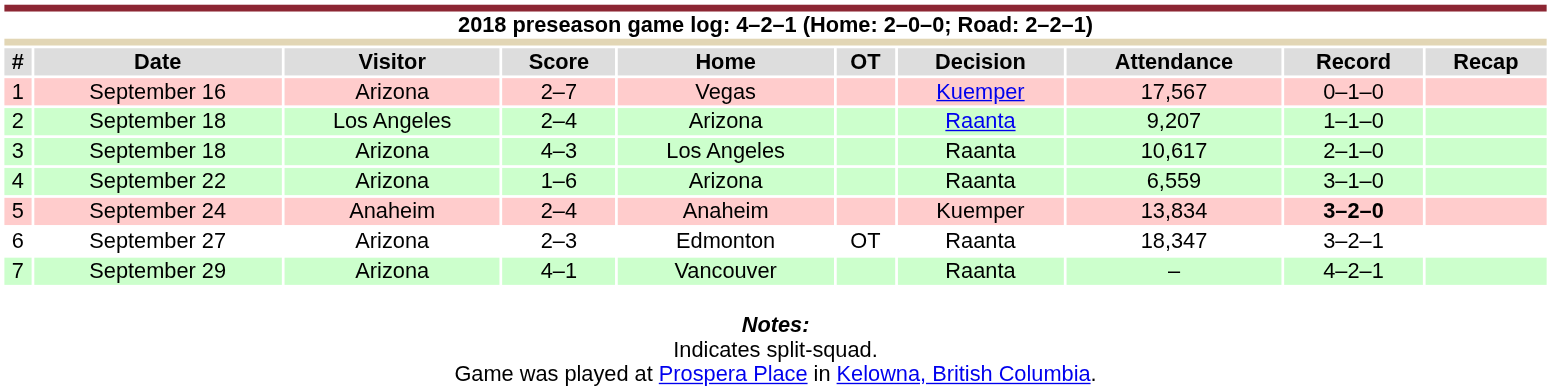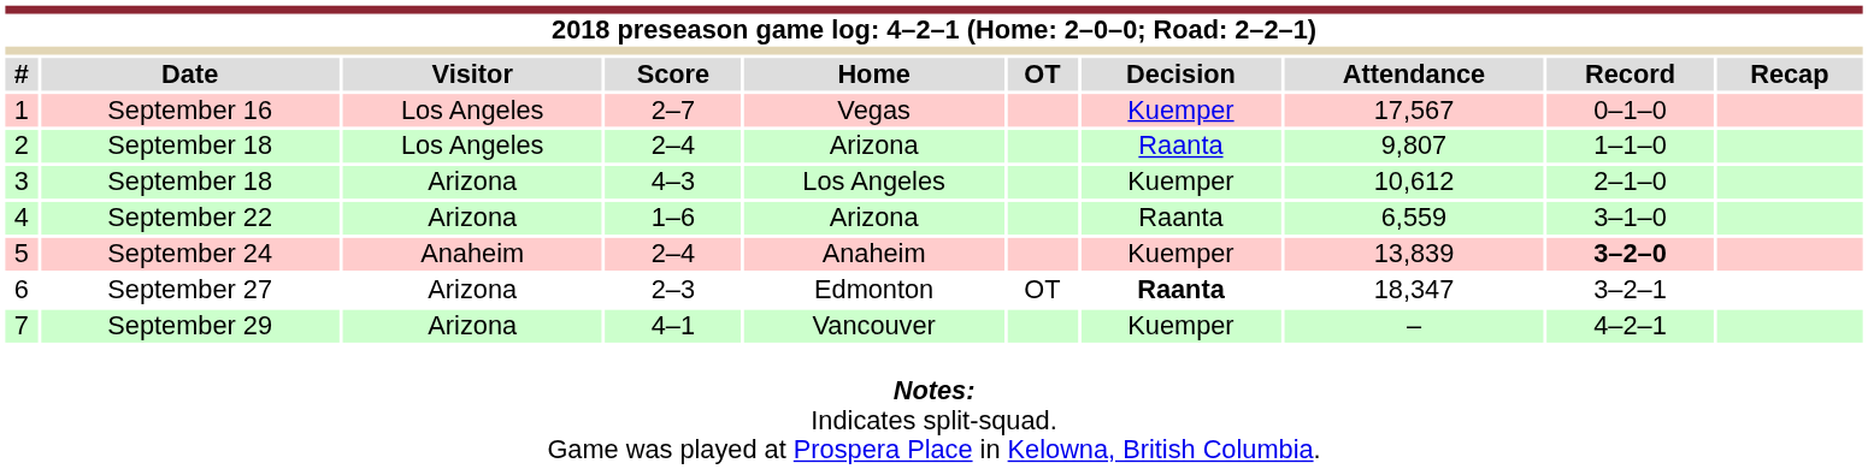 <table class="toccolours collapsible collapsed" style="width:90%; clear:both; margin:1.5em auto; text-align:center;">
 <tr>
 <th colspan="10" style="background:#FFFFFF; border-top:#8C2633 5px solid; border-bottom:#E2D6B5 5px solid;">2018 preseason game log: 4–2–1 (Home: 2–0–0; Road: 2–2–1)</th>
 </tr>
 <tr style="background:#ddd;">
 <th>#</th>
 <th>Date</th>
 <th>Visitor</th>
 <th>Score</th>
 <th>Home</th>
 <th>OT</th>
 <th>Decision</th>
 <th>Attendance</th>
 <th>Record</th>
 <th>Recap</th>
 </tr>
 <tr style="background:#fcc;">
 <td>1</td>
 <td>September 16</td>
-<td>Arizona</td>
+<td>Los Angeles</td>
 <td>2–7</td>
 <td>Vegas</td>
 <td></td>
 <td><a href='#'>Kuemper</a></td>
 <td>17,567</td>
 <td>0–1–0</td>
 <td></td>
 </tr>
 <tr style="background:#cfc;">
 <td>2</td>
 <td>September 18</td>
 <td>Los Angeles</td>
 <td>2–4</td>
 <td>Arizona</td>
 <td></td>
 <td><a href='#'>Raanta</a></td>
-<td>9,207</td>
+<td>9,807</td>
 <td>1–1–0</td>
 <td></td>
 </tr>
 <tr style="background:#cfc;">
 <td>3</td>
 <td>September 18</td>
 <td>Arizona</td>
 <td>4–3</td>
 <td>Los Angeles</td>
 <td></td>
-<td>Raanta</td>
-<td>10,617</td>
+<td>Kuemper</td>
+<td>10,612</td>
 <td>2–1–0</td>
 <td></td>
 </tr>
 <tr style="background:#cfc;">
 <td>4</td>
 <td>September 22</td>
 <td>Arizona</td>
 <td>1–6</td>
 <td>Arizona</td>
 <td></td>
 <td>Raanta</td>
 <td>6,559</td>
 <td>3–1–0</td>
 <td></td>
 </tr>
 <tr style="background:#fcc;">
 <td>5</td>
 <td>September 24</td>
 <td>Anaheim</td>
 <td>2–4</td>
 <td>Anaheim</td>
 <td></td>
 <td>Kuemper</td>
-<td>13,834</td>
+<td>13,839</td>
 <td><strong>3–2–0</strong></td>
 <td></td>
 </tr>
 <tr style="background:#fff;">
 <td>6</td>
 <td>September 27</td>
 <td>Arizona</td>
 <td>2–3</td>
 <td>Edmonton</td>
 <td>OT</td>
-<td>Raanta</td>
+<td><strong>Raanta</strong></td>
 <td>18,347</td>
 <td>3–2–1</td>
 <td></td>
 </tr>
 <tr style="background:#cfc;">
 <td>7</td>
 <td>September 29</td>
 <td>Arizona</td>
 <td>4–1</td>
 <td>Vancouver</td>
 <td></td>
-<td>Raanta</td>
+<td>Kuemper</td>
 <td>–</td>
 <td>4–2–1</td>
 <td></td>
 </tr>
 <tr>
 <td colspan="10" style="text-align:center;"><br><strong><em>Notes:</em></strong><br>  Indicates split-squad.<br>  Game was played at <a href='#'>Prospera Place</a> in <a href='#'>Kelowna, British Columbia</a>.</td>
 </tr>
 </table>
